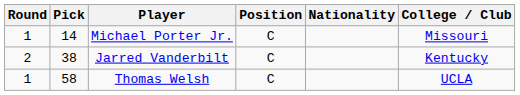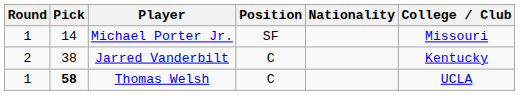 <table class="wikitable sortable sortable">
 <tr>
 <th>Round</th>
 <th>Pick</th>
 <th>Player</th>
 <th>Position</th>
 <th>Nationality</th>
 <th>College / Club</th>
 </tr>
 <tr style="text-align: center">
 <td>1</td>
 <td>14</td>
 <td><a href='#'>Michael Porter Jr.</a></td>
-<td>C</td>
+<td>SF</td>
 <td></td>
 <td><a href='#'>Missouri</a></td>
 </tr>
 <tr style="text-align: center">
 <td>2</td>
 <td>38</td>
 <td><a href='#'>Jarred Vanderbilt</a></td>
 <td>C</td>
 <td></td>
 <td><a href='#'>Kentucky</a></td>
 </tr>
 <tr style="text-align: center">
 <td>1</td>
-<td>58</td>
+<td><strong>58</strong></td>
 <td><a href='#'>Thomas Welsh</a></td>
 <td>C</td>
 <td></td>
 <td><a href='#'>UCLA</a></td>
 </tr>
 </table>
